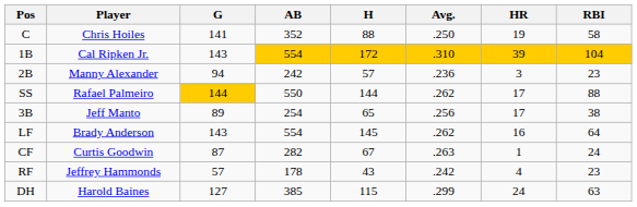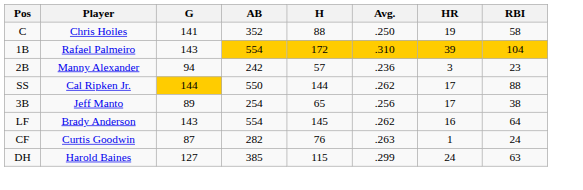 <table class="wikitable sortable">
 <tr>
 <th bgcolor="#DDDDFF" width="5%">Pos</th>
 <th bgcolor="#DDDDFF" width="16%">Player</th>
 <th bgcolor="#DDDDFF" width="9%">G</th>
 <th bgcolor="#DDDDFF" width="9%">AB</th>
 <th bgcolor="#DDDDFF" width="9%">H</th>
 <th bgcolor="#DDDDFF" width="9%">Avg.</th>
 <th bgcolor="#DDDDFF" width="9%">HR</th>
 <th bgcolor="#DDDDFF" width="9%">RBI</th>
 </tr>
 <tr align="center">
 <td>C</td>
 <td><a href='#'>Chris Hoiles</a></td>
 <td>141</td>
 <td>352</td>
 <td>88</td>
 <td>.250</td>
 <td>19</td>
 <td>58</td>
 </tr>
 <tr align=center>
 <td>1B</td>
-<td><a href='#'>Cal Ripken Jr.</a></td>
+<td><a href='#'>Rafael Palmeiro</a></td>
 <td>143</td>
 <td style="background:#fc0;">554</td>
 <td style="background:#fc0;">172</td>
 <td style="background:#fc0;">.310</td>
 <td style="background:#fc0;">39</td>
 <td style="background:#fc0;">104</td>
 </tr>
 <tr align=center>
 <td>2B</td>
 <td><a href='#'>Manny Alexander</a></td>
 <td>94</td>
 <td>242</td>
 <td>57</td>
 <td>.236</td>
 <td>3</td>
 <td>23</td>
 </tr>
 <tr align=center>
 <td>SS</td>
-<td><a href='#'>Rafael Palmeiro</a></td>
+<td><a href='#'>Cal Ripken Jr.</a></td>
 <td style="background:#fc0;">144</td>
 <td>550</td>
 <td>144</td>
 <td>.262</td>
 <td>17</td>
 <td>88</td>
 </tr>
 <tr align="center">
 <td>3B</td>
 <td><a href='#'>Jeff Manto</a></td>
 <td>89</td>
 <td>254</td>
 <td>65</td>
 <td>.256</td>
 <td>17</td>
 <td>38</td>
 </tr>
 <tr align=center>
 <td>LF</td>
 <td><a href='#'>Brady Anderson</a></td>
 <td>143</td>
 <td>554</td>
 <td>145</td>
 <td>.262</td>
 <td>16</td>
 <td>64</td>
 </tr>
 <tr align=center>
 <td>CF</td>
 <td><a href='#'>Curtis Goodwin</a></td>
 <td>87</td>
 <td>282</td>
-<td>67</td>
+<td>76</td>
 <td>.263</td>
 <td>1</td>
 <td>24</td>
-</tr>
-<tr align=center>
-<td>RF</td>
-<td><a href='#'>Jeffrey Hammonds</a></td>
-<td>57</td>
-<td>178</td>
-<td>43</td>
-<td>.242</td>
-<td>4</td>
-<td>23</td>
 </tr>
 <tr align=center>
 <td>DH</td>
 <td><a href='#'>Harold Baines</a></td>
 <td>127</td>
 <td>385</td>
 <td>115</td>
 <td>.299</td>
 <td>24</td>
 <td>63</td>
 </tr>
 </table>
